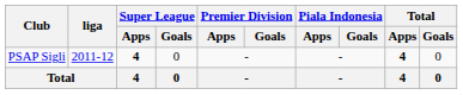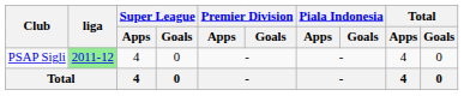 <table class="wikitable" style="font-size:90%; text-align:center;">
 <tr>
 <th rowspan="2">Club</th>
 <th rowspan="2">liga</th>
 <th colspan="2"><a href='#'>Super League</a></th>
 <th colspan="2"><a href='#'>Premier Division</a></th>
 <th colspan="2"><a href='#'>Piala Indonesia</a></th>
 <th colspan="2">Total</th>
 </tr>
 <tr>
 <th>Apps</th>
 <th>Goals</th>
 <th>Apps</th>
 <th>Goals</th>
 <th>Apps</th>
 <th>Goals</th>
 <th>Apps</th>
 <th>Goals</th>
 </tr>
 <tr>
 <td rowspan="1"><a href='#'>PSAP Sigli</a></td>
-<td><a href='#'>2011-12</a></td>
-<td><strong>4</strong></td>
+<td style="background: lightgreen;"><a href='#'>2011-12</a></td>
+<td>4</td>
 <td>0</td>
 <td colspan="2">-</td>
 <td colspan="2">-</td>
-<td><strong>4</strong></td>
+<td>4</td>
 <td>0</td>
 </tr>
 <tr>
 <th colspan="2">Total</th>
 <th>4</th>
 <th>0</th>
 <th colspan="2">-</th>
 <th colspan="2">-</th>
 <th>4</th>
 <th>0</th>
 </tr>
 </table>
